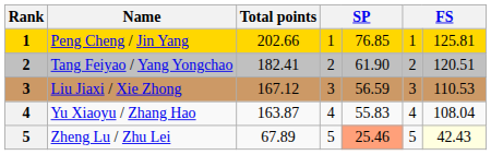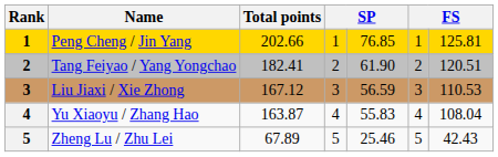 <table class="wikitable sortable">
 <tr>
 <th>Rank</th>
 <th>Name</th>
 <th>Total points</th>
 <th colspan="2" width="80px" align="center"><a href='#'>SP</a></th>
 <th colspan="2" width="80px" align="center"><a href='#'>FS</a></th>
 </tr>
 <tr bgcolor="gold">
 <td align="center" bgcolor="gold"><strong>1</strong></td>
 <td><a href='#'>Peng Cheng</a> / <a href='#'>Jin Yang</a></td>
 <td align="center">202.66</td>
 <td align="center">1</td>
 <td align="center">76.85</td>
 <td align="center">1</td>
 <td align="center">125.81</td>
 </tr>
 <tr bgcolor="silver">
 <td align="center" bgcolor="silver"><strong>2</strong></td>
 <td><a href='#'>Tang Feiyao</a> / <a href='#'>Yang Yongchao</a></td>
 <td align="center">182.41</td>
 <td align="center">2</td>
 <td align="center">61.90</td>
 <td align="center">2</td>
 <td align="center">120.51</td>
 </tr>
 <tr bgcolor="cc9966">
 <td align="center" bgcolor="cc9966"><strong>3</strong></td>
 <td><a href='#'>Liu Jiaxi</a> / <a href='#'>Xie Zhong</a></td>
 <td align="center">167.12</td>
 <td align="center">3</td>
 <td align="center">56.59</td>
 <td align="center">3</td>
 <td align="center">110.53</td>
 </tr>
 <tr>
 <th>4</th>
 <td><a href='#'>Yu Xiaoyu</a> / <a href='#'>Zhang Hao</a></td>
 <td align="center">163.87</td>
 <td align="center">4</td>
 <td align="center">55.83</td>
 <td align="center">4</td>
 <td align="center">108.04</td>
 </tr>
 <tr>
 <th>5</th>
 <td><a href='#'>Zheng Lu</a> / <a href='#'>Zhu Lei</a></td>
 <td align="center">67.89</td>
 <td align="center">5</td>
-<td align="center" style="background: lightsalmon;">25.46</td>
+<td align="center">25.46</td>
 <td align="center">5</td>
-<td align="center" style="background: lightyellow;">42.43</td>
+<td align="center">42.43</td>
 </tr>
 </table>
